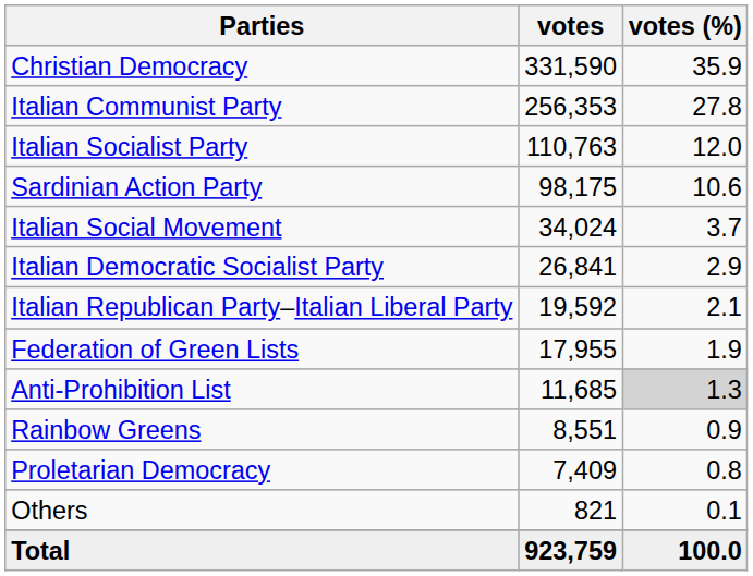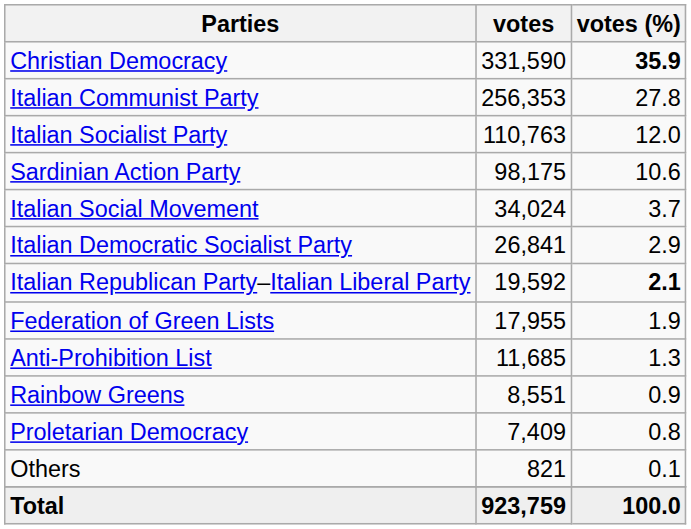 <table class="wikitable" style="font-size:95%">
 <tr bgcolor="EFEFEF">
 <th>Parties</th>
 <th>votes</th>
 <th>votes (%)</th>
 </tr>
 <tr>
 <td><a href='#'>Christian Democracy</a></td>
 <td align=right>331,590</td>
-<td align=right>35.9</td>
+<td align=right><strong>35.9</strong></td>
 </tr>
 <tr>
 <td><a href='#'>Italian Communist Party</a></td>
 <td align=right>256,353</td>
 <td align=right>27.8</td>
 </tr>
 <tr>
 <td><a href='#'>Italian Socialist Party</a></td>
 <td align=right>110,763</td>
 <td align=right>12.0</td>
 </tr>
 <tr>
 <td><a href='#'>Sardinian Action Party</a></td>
 <td align=right>98,175</td>
 <td align=right>10.6</td>
 </tr>
 <tr>
 <td><a href='#'>Italian Social Movement</a></td>
 <td align=right>34,024</td>
 <td align=right>3.7</td>
 </tr>
 <tr>
 <td><a href='#'>Italian Democratic Socialist Party</a></td>
 <td align=right>26,841</td>
 <td align=right>2.9</td>
 </tr>
 <tr>
 <td><a href='#'>Italian Republican Party</a>–<a href='#'>Italian Liberal Party</a></td>
 <td align=right>19,592</td>
-<td align=right>2.1</td>
+<td align=right><strong>2.1</strong></td>
 </tr>
 <tr>
 <td><a href='#'>Federation of Green Lists</a></td>
 <td align=right>17,955</td>
 <td align=right>1.9</td>
 </tr>
 <tr>
 <td><a href='#'>Anti-Prohibition List</a></td>
 <td align=right>11,685</td>
-<td align=right style="background: lightgrey;">1.3</td>
+<td align=right>1.3</td>
 </tr>
 <tr>
 <td><a href='#'>Rainbow Greens</a></td>
 <td align=right>8,551</td>
 <td align=right>0.9</td>
 </tr>
 <tr>
 <td><a href='#'>Proletarian Democracy</a></td>
 <td align=right>7,409</td>
 <td align=right>0.8</td>
 </tr>
 <tr>
 <td>Others</td>
 <td align=right>821</td>
 <td align=right>0.1</td>
 </tr>
 <tr>
 </tr>
 <tr bgcolor="EFEFEF">
 <td><strong>Total</strong></td>
 <td align=right><strong>923,759</strong></td>
 <td align=right><strong>100.0</strong></td>
 </tr>
 </table>
